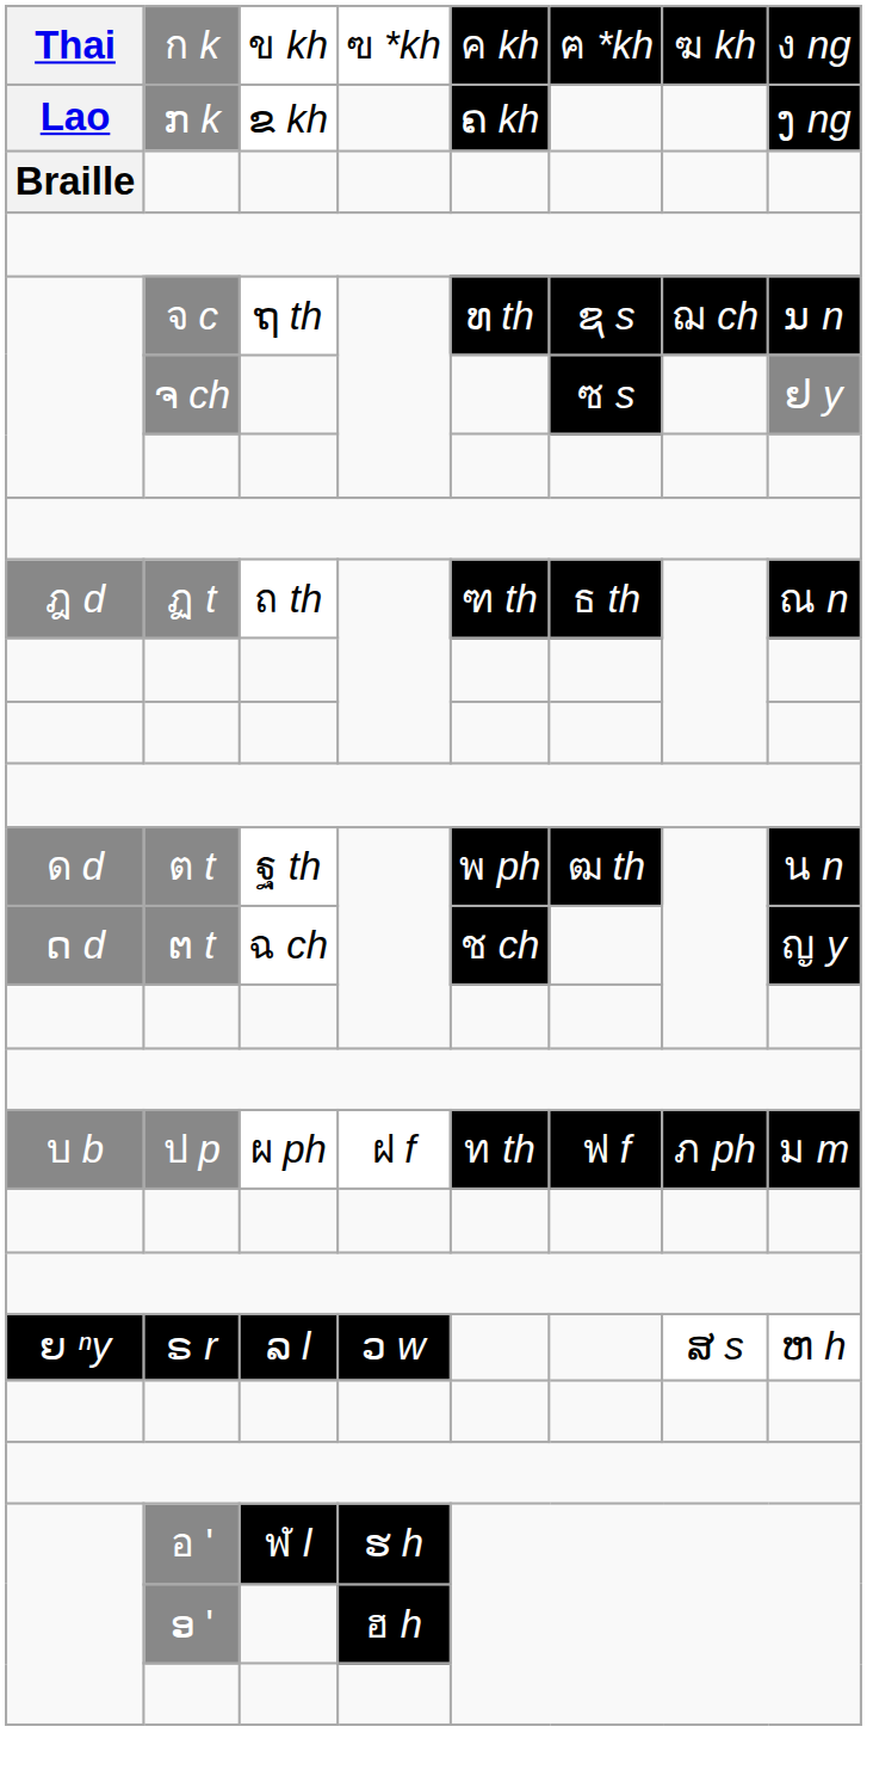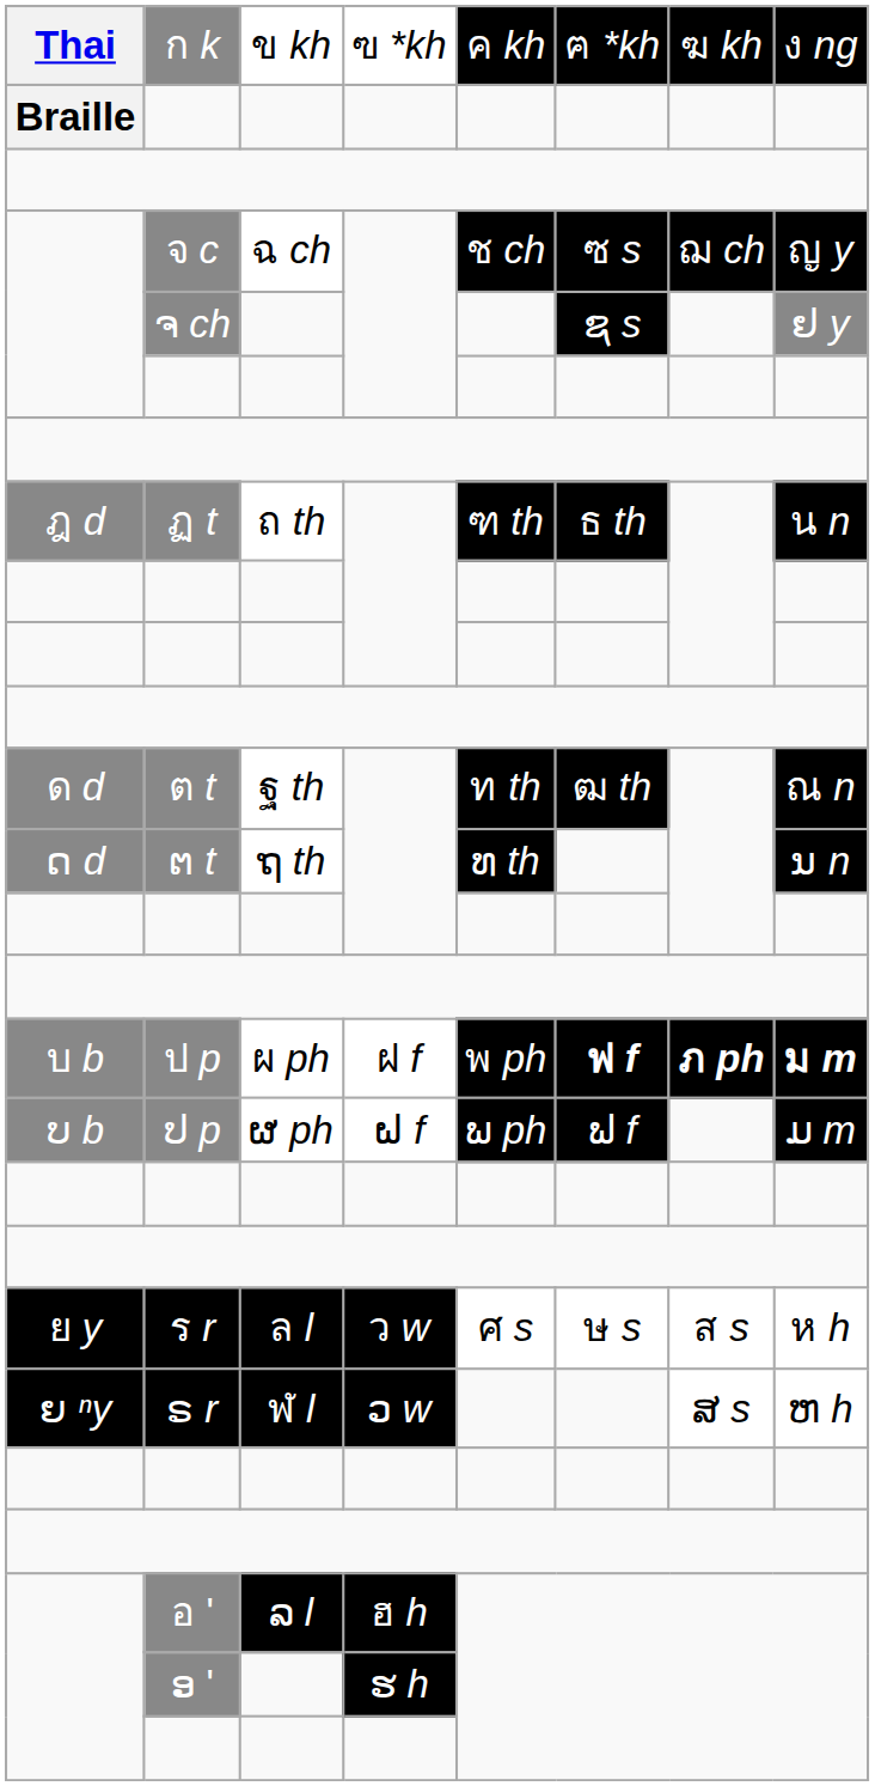 <table class="wikitable">
 <tr align=center>
 <th><a href='#'>Thai</a></th>
 <td style="background-color: #888; color: #fff">ก <em>k</em></td>
 <td style="background-color: #fff; color: #000">ข <em>kh</em></td>
 <td style="background-color: #fff; color: #000">ฃ <em>*kh</em></td>
 <td style="background-color: #000; color: #fff">ค <em>kh</em></td>
 <td style="background-color: #000; color: #fff">ฅ <em>*kh</em></td>
 <td style="background-color: #000; color: #fff">ฆ <em>kh</em></td>
 <td style="background-color: #000; color: #fff">ง <em>ng</em><br>	 	</td>
-</tr>
-<tr align=center>
-<th><a href='#'>Lao</a></th>
-<td style="background-color: #888; color: #fff">ກ <em>k</em></td>
-<td style="background-color: #fff; color: #000">ຂ <em>kh</em></td>
-<td></td>
-<td style="background-color: #000; color: #fff">ຄ <em>kh</em></td>
-<td></td>
-<td></td>
-<td style="background-color: #000; color: #fff">ງ <em>ng</em><br>	 	</td>
 </tr>
 <tr align=center>
 <th>Braille</th>
 <td></td>
 <td></td>
 <td></td>
 <td></td>
 <td></td>
 <td></td>
 <td><br>	 </td>
 </tr>
 <tr>
 <td colspan=8><br> 	</td>
 </tr>
 <tr align=center>
 <td rowspan=3></td>
 <td style="background-color: #888; color: #fff">จ <em>c</em><br></td>
-<td style="background-color: #fff; color: #000">ຖ <em>th</em></td>
+<td style="background-color: #fff; color: #000">ฉ <em>ch</em><br></td>
 <td rowspan=3></td>
-<td style="background-color: #000; color: #fff">ທ <em>th</em></td>
-<td style="background-color: #000; color: #fff">ຊ <em>s</em></td>
+<td style="background-color: #000; color: #fff">ช <em>ch</em><br></td>
+<td style="background-color: #000; color: #fff">ซ <em>s</em><br></td>
 <td style="background-color: #000; color: #fff">ฌ <em>ch</em><br></td>
-<td style="background-color: #000; color: #fff">ນ <em>n</em><br>	 	</td>
+<td style="background-color: #000; color: #fff">ญ <em>y</em><br>	 	</td>
 </tr>
 <tr align=center>
 <td style="background-color: #888; color: #fff">ຈ <em>ch</em></td>
 <td></td>
 <td></td>
-<td style="background-color: #000; color: #fff">ซ <em>s</em><br></td>
+<td style="background-color: #000; color: #fff">ຊ <em>s</em></td>
 <td></td>
 <td style="background-color: #888; color: #fff">ຢ <em>y</em><br>	 	</td>
 </tr>
 <tr align=center>
 <td></td>
 <td></td>
 <td></td>
 <td></td>
 <td></td>
 <td><br>	 </td>
 </tr>
 <tr>
 <td colspan=8><br> 	</td>
 </tr>
 <tr align=center>
 <td style="background-color: #888; color: #fff">ฎ <em>d</em></td>
 <td style="background-color: #888; color: #fff">ฏ <em>t</em></td>
 <td style="background-color: #fff; color: #000">ถ <em>th</em></td>
 <td rowspan=3></td>
 <td style="background-color: #000; color: #fff">ฑ <em>th</em></td>
 <td style="background-color: #000; color: #fff">ธ <em>th</em></td>
 <td rowspan=3></td>
-<td style="background-color: #000; color: #fff">ณ <em>n</em><br>	 	</td>
+<td style="background-color: #000; color: #fff">น <em>n</em><br>	 	</td>
 </tr>
 <tr align=center>
 <td></td>
 <td></td>
 <td></td>
 <td></td>
 <td></td>
 <td><br>	 	</td>
 </tr>
 <tr align=center>
 <td></td>
 <td></td>
 <td></td>
 <td></td>
 <td></td>
 <td><br>	 </td>
 </tr>
 <tr>
 <td colspan=8><br> 	</td>
 </tr>
 <tr align=center>
 <td style="background-color: #888; color: #fff">ด <em>d</em></td>
 <td style="background-color: #888; color: #fff">ต <em>t</em></td>
 <td style="background-color: #fff; color: #000">ฐ <em>th</em></td>
 <td rowspan=3></td>
-<td style="background-color: #000; color: #fff">พ <em>ph</em></td>
+<td style="background-color: #000; color: #fff">ท <em>th</em></td>
 <td style="background-color: #000; color: #fff">ฒ <em>th</em></td>
 <td rowspan=3></td>
-<td style="background-color: #000; color: #fff">น <em>n</em><br>	 	</td>
+<td style="background-color: #000; color: #fff">ณ <em>n</em><br>	 	</td>
 </tr>
 <tr align=center>
 <td style="background-color: #888; color: #fff">ດ <em>d</em></td>
 <td style="background-color: #888; color: #fff">ຕ <em>t</em></td>
-<td style="background-color: #fff; color: #000">ฉ <em>ch</em><br></td>
-<td style="background-color: #000; color: #fff">ช <em>ch</em><br></td>
+<td style="background-color: #fff; color: #000">ຖ <em>th</em></td>
+<td style="background-color: #000; color: #fff">ທ <em>th</em></td>
 <td></td>
-<td style="background-color: #000; color: #fff">ญ <em>y</em><br>	 	</td>
+<td style="background-color: #000; color: #fff">ນ <em>n</em><br>	 	</td>
 </tr>
 <tr align=center>
 <td></td>
 <td></td>
 <td></td>
 <td></td>
 <td></td>
 <td><br>	 </td>
 </tr>
 <tr>
 <td colspan=8><br> 	</td>
 </tr>
 <tr align=center>
 <td style="background-color: #888; color: #fff">บ <em>b</em></td>
 <td style="background-color: #888; color: #fff">ป <em>p</em></td>
 <td style="background-color: #fff; color: #000">ผ <em>ph</em></td>
 <td style="background-color: #fff; color: #000">ฝ <em>f</em></td>
-<td style="background-color: #000; color: #fff">ท <em>th</em></td>
-<td style="background-color: #000; color: #fff">ฟ <em>f</em></td>
-<td style="background-color: #000; color: #fff">ภ <em>ph</em></td>
-<td style="background-color: #000; color: #fff">ม <em>m</em><br>	 	</td>
+<td style="background-color: #000; color: #fff">พ <em>ph</em></td>
+<td style="background-color: #000; color: #fff"><strong>ฟ <em>f</em></strong></td>
+<td style="background-color: #000; color: #fff"><strong>ภ <em>ph</em></strong></td>
+<td style="background-color: #000; color: #fff"><strong>ม <em>m</em><br>	 	</strong></td>
+</tr>
+<tr align=center>
+<td style="background-color: #888; color: #fff">ບ <em>b</em></td>
+<td style="background-color: #888; color: #fff">ປ <em>p</em></td>
+<td style="background-color: #fff; color: #000">ຜ <em>ph</em></td>
+<td style="background-color: #fff; color: #000">ຝ <em>f</em></td>
+<td style="background-color: #000; color: #fff">ພ <em>ph</em></td>
+<td style="background-color: #000; color: #fff">ຟ <em>f</em></td>
+<td></td>
+<td style="background-color: #000; color: #fff">ມ <em>m</em><br>	 	</td>
 </tr>
 <tr align=center>
 <td></td>
 <td></td>
 <td></td>
 <td></td>
 <td></td>
 <td></td>
 <td></td>
 <td><br>	 </td>
 </tr>
 <tr>
 <td colspan=8><br> 	</td>
 </tr>
 <tr align=center>
+<td style="background-color: #000; color: #fff">ย <em>y</em></td>
+<td style="background-color: #000; color: #fff">ร <em>r</em></td>
+<td style="background-color: #000; color: #fff">ล <em>l</em></td>
+<td style="background-color: #000; color: #fff">ว <em>w</em></td>
+<td style="background-color: #fff; color: #000">ศ <em>s</em></td>
+<td style="background-color: #fff; color: #000">ษ <em>s</em></td>
+<td style="background-color: #fff; color: #000">ส <em>s</em></td>
+<td style="background-color: #fff; color: #000">ห <em>h</em><br>	 	</td>
+</tr>
+<tr align=center>
 <td style="background-color: #000; color: #fff">ຍ <em>ⁿy</em></td>
 <td style="background-color: #000; color: #fff">ຣ <em>r</em></td>
-<td style="background-color: #000; color: #fff">ລ <em>l</em></td>
+<td style="background-color: #000; color: #fff">ฬ <em>l</em></td>
 <td style="background-color: #000; color: #fff">ວ <em>w</em></td>
 <td></td>
 <td></td>
 <td style="background-color: #fff; color: #000">ສ <em>s</em></td>
 <td style="background-color: #fff; color: #000">ຫ <em>h</em><br>	 	</td>
 </tr>
 <tr align=center>
 <td></td>
 <td></td>
 <td></td>
 <td></td>
 <td></td>
 <td></td>
 <td></td>
 <td><br>	 </td>
 </tr>
 <tr>
 <td colspan=8><br> 	</td>
 </tr>
 <tr align=center>
 <td rowspan=3></td>
 <td style="background-color: #888; color: #fff">อ '</td>
-<td style="background-color: #000; color: #fff">ฬ <em>l</em></td>
-<td style="background-color: #000; color: #fff">ຮ <em>h</em><br>	 	</td>
+<td style="background-color: #000; color: #fff">ລ <em>l</em></td>
+<td style="background-color: #000; color: #fff">ฮ <em>h</em><br>	 	</td>
 </tr>
 <tr align=center>
 <td style="background-color: #888; color: #fff">ອ '</td>
 <td></td>
-<td style="background-color: #000; color: #fff">ฮ <em>h</em><br>	 	</td>
+<td style="background-color: #000; color: #fff">ຮ <em>h</em><br>	 	</td>
 </tr>
 <tr align=center>
 <td></td>
 <td></td>
 <td><br>	 </td>
 </tr>
 </table>
